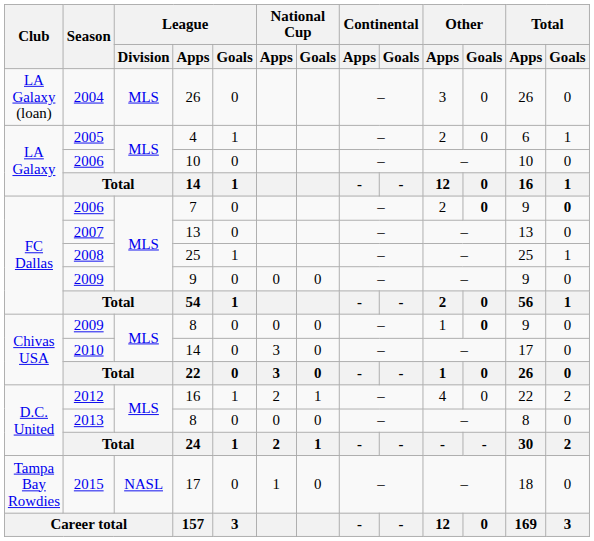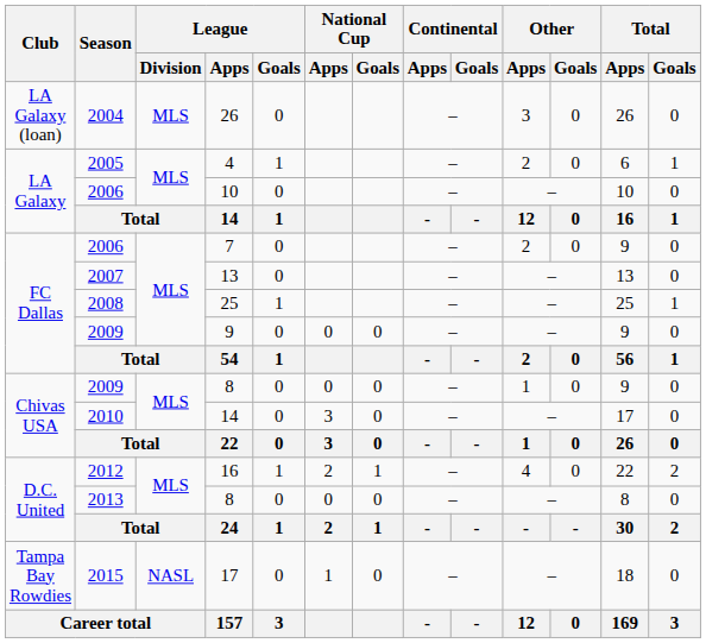 <table class="wikitable" style="text-align: center;">
 <tr>
 <th rowspan="2">Club</th>
 <th rowspan="2">Season</th>
 <th colspan="3">League</th>
 <th colspan="2">National Cup</th>
 <th colspan="2">Continental</th>
 <th colspan="2">Other</th>
 <th colspan="2">Total</th>
 </tr>
 <tr>
 <th>Division</th>
 <th>Apps</th>
 <th>Goals</th>
 <th>Apps</th>
 <th>Goals</th>
 <th>Apps</th>
 <th>Goals</th>
 <th>Apps</th>
 <th>Goals</th>
 <th>Apps</th>
 <th>Goals</th>
 </tr>
 <tr>
 <td valign="center"><a href='#'>LA Galaxy</a> (loan)</td>
 <td><a href='#'>2004</a></td>
 <td><a href='#'>MLS</a></td>
 <td>26</td>
 <td>0</td>
 <td></td>
 <td></td>
 <td colspan="2">–</td>
 <td>3</td>
 <td>0</td>
 <td>26</td>
 <td>0</td>
 </tr>
 <tr>
 <td rowspan="3" valign="center"><a href='#'>LA Galaxy</a></td>
 <td><a href='#'>2005</a></td>
 <td rowspan="2" valign="center"><a href='#'>MLS</a></td>
 <td>4</td>
 <td>1</td>
 <td></td>
 <td></td>
 <td colspan="2">–</td>
 <td>2</td>
 <td>0</td>
 <td>6</td>
 <td>1</td>
 </tr>
 <tr>
 <td><a href='#'>2006</a></td>
 <td>10</td>
 <td>0</td>
 <td></td>
 <td></td>
 <td colspan="2">–</td>
 <td colspan="2">–</td>
 <td>10</td>
 <td>0</td>
 </tr>
 <tr>
 <th colspan="2">Total</th>
 <th>14</th>
 <th>1</th>
 <th></th>
 <th></th>
 <th>-</th>
 <th>-</th>
 <th>12</th>
 <th>0</th>
 <th>16</th>
 <th>1</th>
 </tr>
 <tr>
 <td rowspan="5" valign="center"><a href='#'>FC Dallas</a></td>
 <td><a href='#'>2006</a></td>
 <td rowspan="4" valign="center"><a href='#'>MLS</a></td>
 <td>7</td>
 <td>0</td>
 <td></td>
 <td></td>
 <td colspan="2">–</td>
 <td>2</td>
-<td><strong>0</strong></td>
+<td>0</td>
 <td>9</td>
-<td><strong>0</strong></td>
+<td>0</td>
 </tr>
 <tr>
 <td><a href='#'>2007</a></td>
 <td>13</td>
 <td>0</td>
 <td></td>
 <td></td>
 <td colspan="2">–</td>
 <td colspan="2">–</td>
 <td>13</td>
 <td>0</td>
 </tr>
 <tr>
 <td><a href='#'>2008</a></td>
 <td>25</td>
 <td>1</td>
 <td></td>
 <td></td>
 <td colspan="2">–</td>
 <td colspan="2">–</td>
 <td>25</td>
 <td>1</td>
 </tr>
 <tr>
 <td><a href='#'>2009</a></td>
 <td>9</td>
 <td>0</td>
 <td>0</td>
 <td>0</td>
 <td colspan="2">–</td>
 <td colspan="2">–</td>
 <td>9</td>
 <td>0</td>
 </tr>
 <tr>
 <th colspan="2">Total</th>
 <th>54</th>
 <th>1</th>
 <th></th>
 <th></th>
 <th>-</th>
 <th>-</th>
 <th>2</th>
 <th>0</th>
 <th>56</th>
 <th>1</th>
 </tr>
 <tr>
 <td rowspan="3" valign="center"><a href='#'>Chivas USA</a></td>
 <td><a href='#'>2009</a></td>
 <td rowspan="2" valign="center"><a href='#'>MLS</a></td>
 <td>8</td>
 <td>0</td>
 <td>0</td>
 <td>0</td>
 <td colspan="2">–</td>
 <td>1</td>
-<td><strong>0</strong></td>
+<td>0</td>
 <td>9</td>
 <td>0</td>
 </tr>
 <tr>
 <td><a href='#'>2010</a></td>
 <td>14</td>
 <td>0</td>
 <td>3</td>
 <td>0</td>
 <td colspan="2">–</td>
 <td colspan="2">–</td>
 <td>17</td>
 <td>0</td>
 </tr>
 <tr>
 <th colspan="2">Total</th>
 <th>22</th>
 <th>0</th>
 <th>3</th>
 <th>0</th>
 <th>-</th>
 <th>-</th>
 <th>1</th>
 <th>0</th>
 <th>26</th>
 <th>0</th>
 </tr>
 <tr>
 <td rowspan="3" valign="center"><a href='#'>D.C. United</a></td>
 <td><a href='#'>2012</a></td>
 <td rowspan="2" valign="center"><a href='#'>MLS</a></td>
 <td>16</td>
 <td>1</td>
 <td>2</td>
 <td>1</td>
 <td colspan="2">–</td>
 <td>4</td>
 <td>0</td>
 <td>22</td>
 <td>2</td>
 </tr>
 <tr>
 <td><a href='#'>2013</a></td>
 <td>8</td>
 <td>0</td>
 <td>0</td>
 <td>0</td>
 <td colspan="2">–</td>
 <td colspan="2">–</td>
 <td>8</td>
 <td>0</td>
 </tr>
 <tr>
 <th colspan="2">Total</th>
 <th>24</th>
 <th>1</th>
 <th>2</th>
 <th>1</th>
 <th>-</th>
 <th>-</th>
 <th>-</th>
 <th>-</th>
 <th>30</th>
 <th>2</th>
 </tr>
 <tr>
 <td valign="center"><a href='#'>Tampa Bay Rowdies</a></td>
 <td><a href='#'>2015</a></td>
 <td><a href='#'>NASL</a></td>
 <td>17</td>
 <td>0</td>
 <td>1</td>
 <td>0</td>
 <td colspan="2">–</td>
 <td colspan="2">–</td>
 <td>18</td>
 <td>0</td>
 </tr>
 <tr>
 <th colspan="3">Career total</th>
 <th>157</th>
 <th>3</th>
 <th></th>
 <th></th>
 <th>-</th>
 <th>-</th>
 <th>12</th>
 <th>0</th>
 <th>169</th>
 <th>3</th>
 </tr>
 </table>
